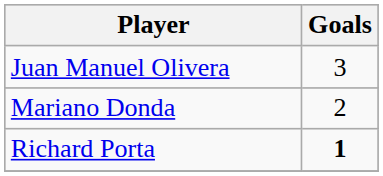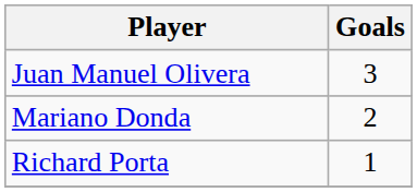 <table class="wikitable" style="text-align: center;">
 <tr>
 <th width="175">Player</th>
 <th width="20">Goals</th>
 </tr>
 <tr>
 <td align=left> <a href='#'>Juan Manuel Olivera</a></td>
 <td>3</td>
 </tr>
 <tr>
 <td align=left> <a href='#'>Mariano Donda</a></td>
 <td>2</td>
 </tr>
 <tr>
 <td align=left> <a href='#'>Richard Porta</a></td>
-<td><strong>1</strong></td>
+<td>1</td>
 </tr>
 <tr>
 </tr>
 </table>
